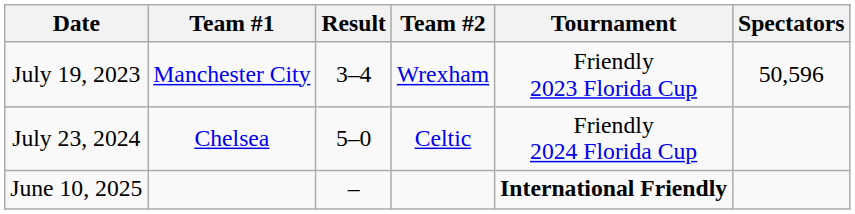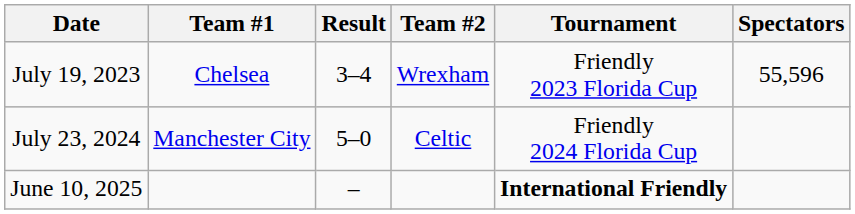 <table class="wikitable" style="text-align:center">
 <tr>
 <th style="text-align:center;">Date</th>
 <th style="text-align:center;">Team #1</th>
 <th style="text-align:center;">Result</th>
 <th style="text-align:center;">Team #2</th>
 <th style="text-align:center;">Tournament</th>
 <th style="text-align:center;">Spectators</th>
 </tr>
 <tr>
 <td>July 19, 2023</td>
-<td> <a href='#'>Manchester City</a></td>
+<td> <a href='#'>Chelsea</a></td>
 <td style="text-align:center;">3–4</td>
 <td> <a href='#'>Wrexham</a></td>
 <td>Friendly<br><a href='#'>2023 Florida Cup</a></td>
-<td>50,596</td>
+<td>55,596</td>
 </tr>
 <tr>
 <td>July 23, 2024</td>
-<td> <a href='#'>Chelsea</a></td>
+<td> <a href='#'>Manchester City</a></td>
 <td style="text-align:center;">5–0</td>
 <td> <a href='#'>Celtic</a></td>
 <td>Friendly<br><a href='#'>2024 Florida Cup</a></td>
 <td></td>
 </tr>
 <tr>
 <td>June 10, 2025</td>
 <td></td>
 <td style="text-align:center;">–</td>
 <td></td>
 <td><strong>International Friendly</strong></td>
 <td></td>
 </tr>
 </table>
